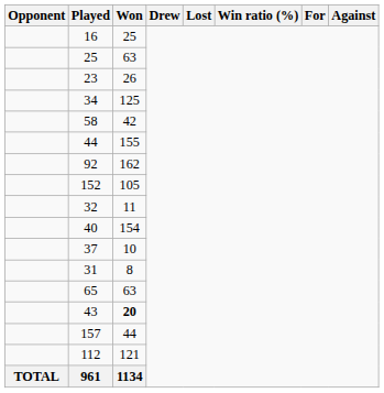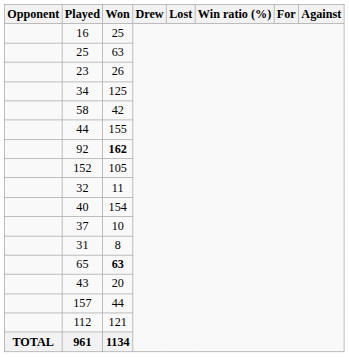 <table class="wikitable sortable">
 <tr>
 <th>Opponent</th>
 <th>Played</th>
 <th>Won</th>
 <th>Drew</th>
 <th>Lost</th>
 <th>Win ratio (%)</th>
 <th>For</th>
 <th>Against</th>
 </tr>
 <tr align=center>
 <td align=left><br></td>
 <td>16</td>
 <td>25</td>
 </tr>
 <tr align=center>
 <td align=left><br></td>
 <td>25</td>
 <td>63</td>
 </tr>
 <tr align=center>
 <td align=left><br></td>
 <td>23</td>
 <td>26</td>
 </tr>
 <tr align=center>
 <td align=left><br></td>
 <td>34</td>
 <td>125</td>
 </tr>
 <tr align=center>
 <td align=left><br></td>
 <td>58</td>
 <td>42</td>
 </tr>
 <tr align=center>
 <td align=left><br></td>
 <td>44</td>
 <td>155</td>
 </tr>
 <tr align=center>
 <td align=left><br></td>
 <td>92</td>
-<td>162</td>
+<td><strong>162</strong></td>
 </tr>
 <tr align=center>
 <td align=left><br></td>
 <td>152</td>
 <td>105</td>
 </tr>
 <tr align=center>
 <td align=left><br></td>
 <td>32</td>
 <td>11</td>
 </tr>
 <tr align=center>
 <td align=left><br></td>
 <td>40</td>
 <td>154</td>
 </tr>
 <tr align=center>
 <td align=left><br></td>
 <td>37</td>
 <td>10</td>
 </tr>
 <tr align=center>
 <td align=left><br></td>
 <td>31</td>
 <td>8</td>
 </tr>
 <tr align=center>
 <td align=left><br></td>
 <td>65</td>
-<td>63</td>
+<td><strong>63</strong></td>
 </tr>
 <tr align=center>
 <td align=left><br></td>
 <td>43</td>
-<td><strong>20</strong></td>
+<td>20</td>
 </tr>
 <tr align=center>
 <td align=left><br></td>
 <td>157</td>
 <td>44</td>
 </tr>
 <tr align=center>
 <td align=left><br></td>
 <td>112</td>
 <td>121</td>
 </tr>
 <tr>
 <th>TOTAL<br></th>
 <th>961</th>
 <th>1134</th>
 </tr>
 </table>
